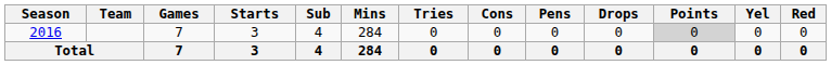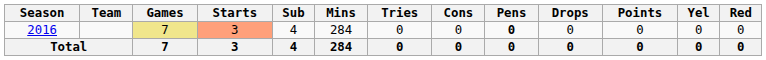 <table class="wikitable" style="text-align:center; line-height:90%; font-size:95%; width:60%;">
 <tr>
 <th>Season</th>
 <th>Team</th>
 <th>Games</th>
 <th>Starts</th>
 <th>Sub</th>
 <th>Mins</th>
 <th>Tries</th>
 <th>Cons</th>
 <th>Pens</th>
 <th>Drops</th>
 <th>Points</th>
 <th>Yel</th>
 <th>Red</th>
 </tr>
 <tr>
 <td><a href='#'>2016</a></td>
 <td></td>
-<td>7</td>
-<td>3</td>
+<td style="background: khaki;">7</td>
+<td style="background: lightsalmon;">3</td>
 <td>4</td>
 <td>284</td>
 <td>0</td>
 <td>0</td>
+<td><strong>0</strong></td>
 <td>0</td>
 <td>0</td>
-<td style="background: lightgrey;">0</td>
 <td>0</td>
 <td>0</td>
 </tr>
 <tr>
 <th colspan="2">Total</th>
 <th>7</th>
 <th>3</th>
 <th>4</th>
 <th>284</th>
 <th>0</th>
 <th>0</th>
 <th>0</th>
 <th>0</th>
 <th>0</th>
 <th>0</th>
 <th>0</th>
 </tr>
 </table>
